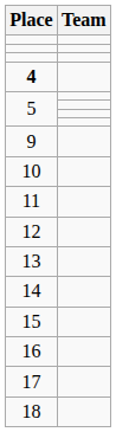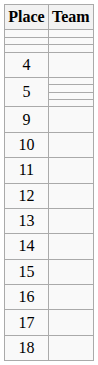 <table class="wikitable">
 <tr>
 <th>Place</th>
 <th>Team</th>
 </tr>
 <tr>
 <td align=center></td>
 <td></td>
 </tr>
 <tr>
 <td align=center></td>
 <td></td>
 </tr>
 <tr>
 <td align=center></td>
 <td></td>
 </tr>
 <tr>
-<td align=center><strong>4</strong></td>
+<td align=center>4</td>
 <td></td>
 </tr>
 <tr>
 <td align=center rowspan="4">5</td>
 <td></td>
 </tr>
 <tr>
 <td></td>
 </tr>
 <tr>
 <td></td>
 </tr>
 <tr>
 <td></td>
 </tr>
 <tr>
 <td align=center>9</td>
 <td></td>
 </tr>
 <tr>
 <td align=center>10</td>
 <td></td>
 </tr>
 <tr>
 <td align=center>11</td>
 <td></td>
 </tr>
 <tr>
 <td align=center>12</td>
 <td></td>
 </tr>
 <tr>
 <td align=center>13</td>
 <td></td>
 </tr>
 <tr>
 <td align=center>14</td>
 <td></td>
 </tr>
 <tr>
 <td align=center>15</td>
 <td></td>
 </tr>
 <tr>
 <td align=center>16</td>
 <td></td>
 </tr>
 <tr>
 <td align=center>17</td>
 <td></td>
 </tr>
 <tr>
 <td align=center>18</td>
 <td></td>
 </tr>
 </table>
